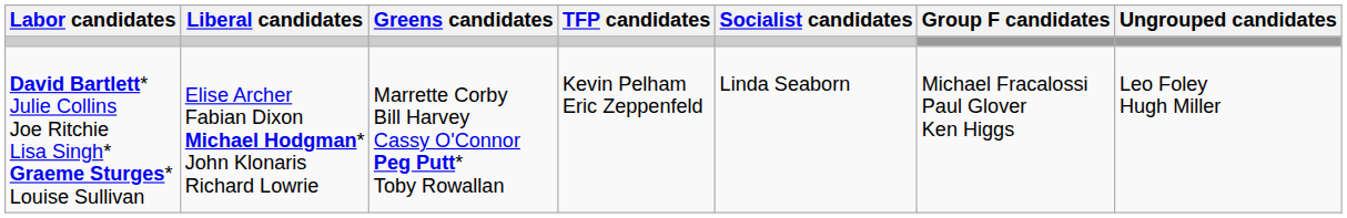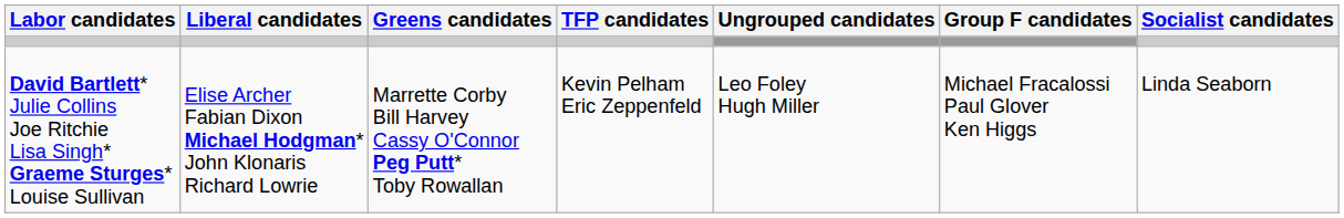 <table class="wikitable">
 <tr>
 <th><a href='#'>Labor</a> candidates</th>
 <th><a href='#'>Liberal</a> candidates</th>
 <th><a href='#'>Greens</a> candidates</th>
 <th><a href='#'>TFP</a> candidates</th>
+<th>Ungrouped candidates</th>
+<th>Group F candidates</th>
 <th><a href='#'>Socialist</a> candidates</th>
-<th>Group F candidates</th>
-<th>Ungrouped candidates</th>
 </tr>
 <tr bgcolor="#cccccc">
 <td></td>
 <td></td>
 <td></td>
 <td></td>
-<td></td>
 <td bgcolor="#999999"></td>
 <td bgcolor="#999999"></td>
+<td></td>
 </tr>
 <tr>
 <td><br><strong><a href='#'>David Bartlett</a></strong>*<br> <a href='#'>Julie Collins</a><br> Joe Ritchie<br> <a href='#'>Lisa Singh</a>*<br> <strong><a href='#'>Graeme Sturges</a></strong>*<br> Louise Sullivan</td>
 <td><br><a href='#'>Elise Archer</a><br> Fabian Dixon<br> <strong><a href='#'>Michael Hodgman</a></strong>*<br> John Klonaris<br> Richard Lowrie</td>
 <td><br>Marrette Corby<br> Bill Harvey<br> <a href='#'>Cassy O'Connor</a><br> <strong><a href='#'>Peg Putt</a></strong>*<br> Toby Rowallan</td>
 <td valign=top><br>Kevin Pelham<br> Eric Zeppenfeld</td>
+<td valign=top><br>Leo Foley<br> Hugh Miller</td>
+<td valign=top><br>Michael Fracalossi<br> Paul Glover<br> Ken Higgs</td>
 <td valign=top><br>Linda Seaborn</td>
-<td valign=top><br>Michael Fracalossi<br> Paul Glover<br> Ken Higgs</td>
-<td valign=top><br>Leo Foley<br> Hugh Miller</td>
 </tr>
 </table>
